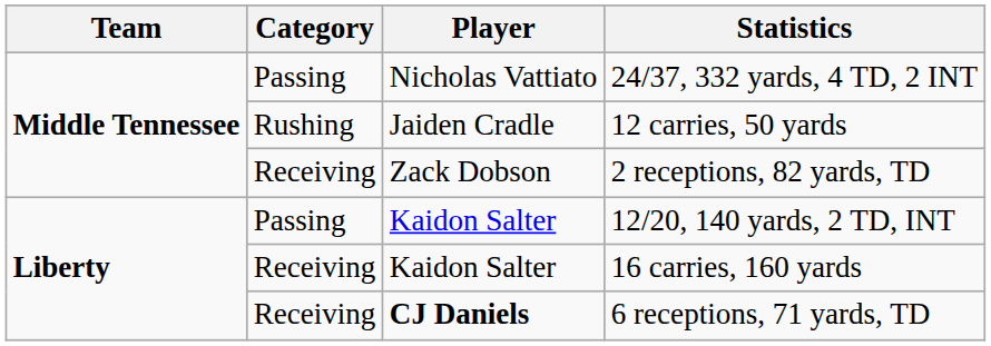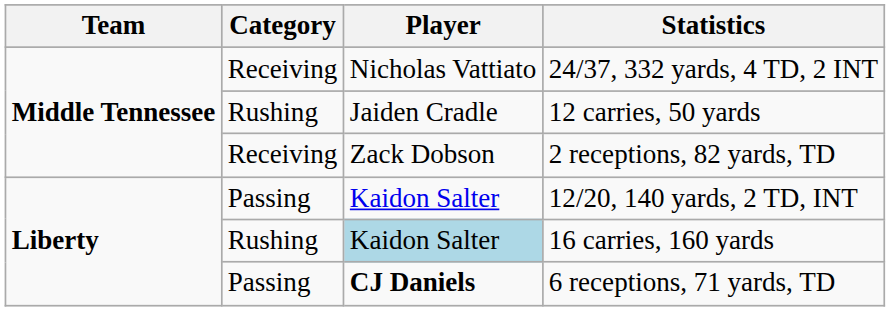 <table class="wikitable" style="float: right;">
 <tr>
 <th>Team</th>
 <th>Category</th>
 <th>Player</th>
 <th>Statistics</th>
 </tr>
 <tr>
 <td rowspan=3><strong>Middle Tennessee</strong></td>
-<td>Passing</td>
+<td>Receiving</td>
 <td>Nicholas Vattiato</td>
 <td>24/37, 332 yards, 4 TD, 2 INT</td>
 </tr>
 <tr>
 <td>Rushing</td>
 <td>Jaiden Cradle</td>
 <td>12 carries, 50 yards</td>
 </tr>
 <tr>
 <td>Receiving</td>
 <td>Zack Dobson</td>
 <td>2 receptions, 82 yards, TD</td>
 </tr>
 <tr>
 <td rowspan=3><strong>Liberty</strong></td>
 <td>Passing</td>
 <td><a href='#'>Kaidon Salter</a></td>
 <td>12/20, 140 yards, 2 TD, INT</td>
 </tr>
 <tr>
-<td>Receiving</td>
-<td>Kaidon Salter</td>
+<td>Rushing</td>
+<td style="background: lightblue;">Kaidon Salter</td>
 <td>16 carries, 160 yards</td>
 </tr>
 <tr>
-<td>Receiving</td>
+<td>Passing</td>
 <td><strong>CJ Daniels</strong></td>
 <td>6 receptions, 71 yards, TD</td>
 </tr>
 </table>
